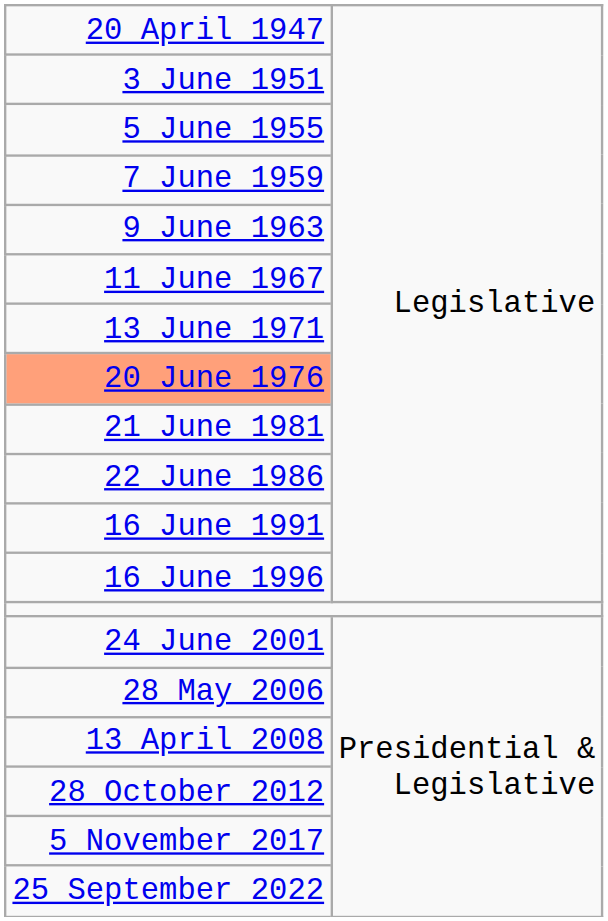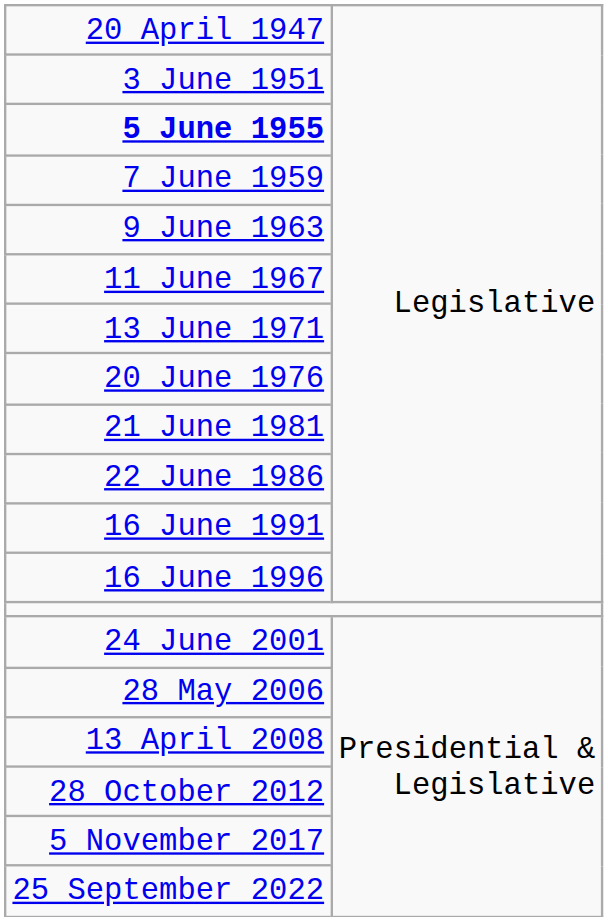 <table class=wikitable style="text-align:right">
 <tr>
 <td><a href='#'>20 April 1947</a></td>
 <td rowspan=12>Legislative</td>
 </tr>
 <tr>
 <td><a href='#'>3 June 1951</a></td>
 </tr>
 <tr>
-<td><a href='#'>5 June 1955</a></td>
+<td><strong><a href='#'>5 June 1955</a></strong></td>
 </tr>
 <tr>
 <td><a href='#'>7 June 1959</a></td>
 </tr>
 <tr>
 <td><a href='#'>9 June 1963</a></td>
 </tr>
 <tr>
 <td><a href='#'>11 June 1967</a></td>
 </tr>
 <tr>
 <td><a href='#'>13 June 1971</a></td>
 </tr>
 <tr>
-<td style="background: lightsalmon;"><a href='#'>20 June 1976</a></td>
+<td><a href='#'>20 June 1976</a></td>
 </tr>
 <tr>
 <td><a href='#'>21 June 1981</a></td>
 </tr>
 <tr>
 <td><a href='#'>22 June 1986</a></td>
 </tr>
 <tr>
 <td><a href='#'>16 June 1991</a></td>
 </tr>
 <tr>
 <td><a href='#'>16 June 1996</a></td>
 </tr>
 <tr>
 <td colspan=2></td>
 </tr>
 <tr>
 <td><a href='#'>24 June 2001</a></td>
 <td rowspan=6>Presidential &<br> Legislative</td>
 </tr>
 <tr>
 <td><a href='#'>28 May 2006</a></td>
 </tr>
 <tr>
 <td><a href='#'>13 April 2008</a></td>
 </tr>
 <tr>
 <td><a href='#'>28 October 2012</a></td>
 </tr>
 <tr>
 <td><a href='#'>5 November 2017</a></td>
 </tr>
 <tr>
 <td><a href='#'>25 September 2022</a></td>
 </tr>
 </table>
